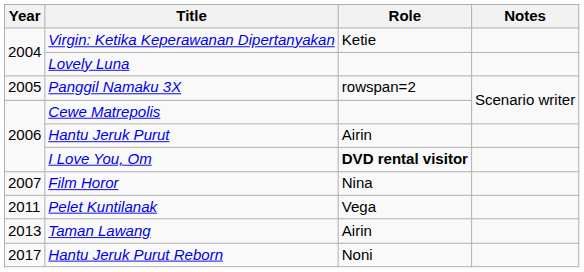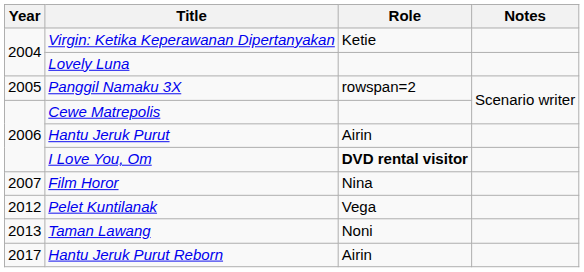 <table class="wikitable sortable">
 <tr>
 <th>Year</th>
 <th>Title</th>
 <th>Role</th>
 <th>Notes</th>
 </tr>
 <tr>
 <td rowspan=2>2004</td>
 <td><em><a href='#'>Virgin: Ketika Keperawanan Dipertanyakan</a></em></td>
 <td>Ketie</td>
 <td></td>
 </tr>
 <tr>
 <td><em><a href='#'>Lovely Luna</a></em></td>
 <td></td>
 <td></td>
 </tr>
 <tr>
 <td>2005</td>
 <td><em><a href='#'>Panggil Namaku 3X</a></em></td>
 <td>rowspan=2 </td>
 <td rowspan=2>Scenario writer</td>
 </tr>
 <tr>
 <td rowspan=3>2006</td>
 <td><em><a href='#'>Cewe Matrepolis</a></em></td>
 </tr>
 <tr>
 <td><em><a href='#'>Hantu Jeruk Purut</a></em></td>
 <td>Airin</td>
 <td></td>
 </tr>
 <tr>
 <td><em><a href='#'>I Love You, Om</a></em></td>
 <td><strong>DVD rental visitor</strong></td>
 <td></td>
 </tr>
 <tr>
 <td>2007</td>
 <td><em><a href='#'>Film Horor</a></em></td>
 <td>Nina</td>
 <td></td>
 </tr>
 <tr>
-<td>2011</td>
+<td>2012</td>
 <td><em><a href='#'>Pelet Kuntilanak</a></em></td>
 <td>Vega</td>
 <td></td>
 </tr>
 <tr>
 <td>2013</td>
 <td><em><a href='#'>Taman Lawang</a></em></td>
-<td>Airin</td>
+<td>Noni</td>
 <td></td>
 </tr>
 <tr>
 <td>2017</td>
 <td><em><a href='#'>Hantu Jeruk Purut Reborn</a></em></td>
-<td>Noni</td>
+<td>Airin</td>
 <td></td>
 </tr>
 </table>
